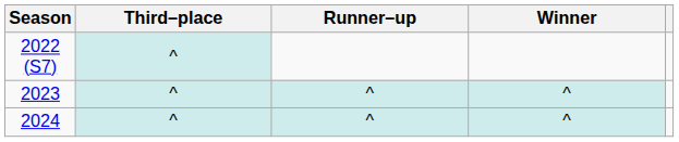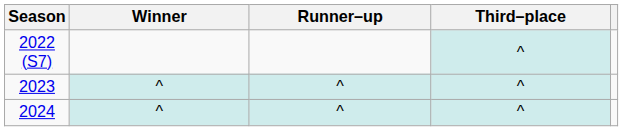 <table class="wikitable sortable" style=text-align:center>
 <tr>
 <th>Season</th>
+<th style=width:12em>Winner</th>
+<th style=width:12em>Runner–up</th>
 <th style=width:12em>Third–place</th>
-<th style=width:12em>Runner–up</th>
-<th style=width:12em>Winner</th>
 <th class=unsortable></th>
 </tr>
 <tr>
 <td><a href='#'>2022 (S7)</a></td>
-<td style="background-color:#CFECEC">^</td>
 <td></td>
 <td></td>
+<td style="background-color:#CFECEC">^</td>
 <td></td>
 </tr>
 <tr>
 <td><a href='#'>2023</a></td>
 <td style="background-color:#CFECEC">^</td>
 <td style="background-color:#CFECEC">^</td>
 <td style="background-color:#CFECEC">^</td>
 <td></td>
 </tr>
 <tr>
 <td><a href='#'>2024</a></td>
 <td style="background-color:#CFECEC">^</td>
 <td style="background-color:#CFECEC">^</td>
 <td style="background-color:#CFECEC">^</td>
 <td></td>
 </tr>
 </table>
